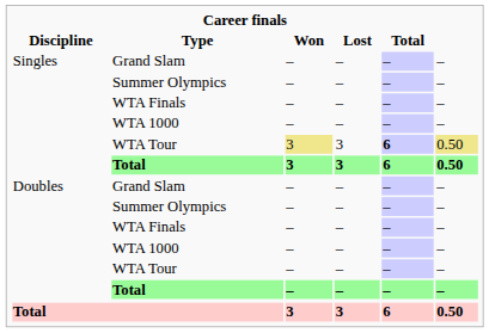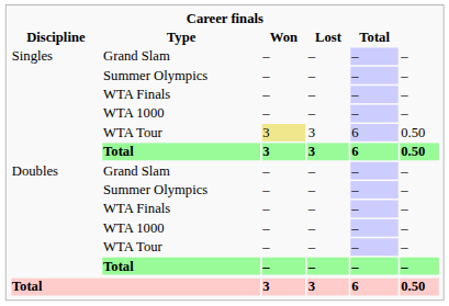 <table class="infobox vcard vevent nowrap" width="40%">
 <tr>
 <th colspan="6">Career finals</th>
 </tr>
 <tr>
 <th>Discipline</th>
 <th>Type</th>
 <th>Won</th>
 <th>Lost</th>
 <th>Total</th>
 <th></th>
 </tr>
 <tr>
 <td rowspan="6">Singles</td>
 <td>Grand Slam</td>
 <td>–</td>
 <td>–</td>
 <td bgcolor="CCCCFF">–</td>
 <td>–</td>
 </tr>
 <tr>
 <td>Summer Olympics</td>
 <td>–</td>
 <td>–</td>
 <td bgcolor="CCCCFF">–</td>
 <td>–</td>
 </tr>
 <tr>
 <td>WTA Finals</td>
 <td>–</td>
 <td>–</td>
 <td bgcolor="CCCCFF">–</td>
 <td>–</td>
 </tr>
 <tr>
 <td>WTA 1000</td>
 <td>–</td>
 <td>–</td>
 <td bgcolor="CCCCFF">–</td>
 <td>–</td>
 </tr>
 <tr>
 <td>WTA Tour</td>
 <td style="background: khaki;">3</td>
 <td>3</td>
-<td bgcolor="CCCCFF"><strong>6</strong></td>
-<td style="background: khaki;">0.50</td>
+<td bgcolor="CCCCFF">6</td>
+<td>0.50</td>
 </tr>
 <tr bgcolor="98FB98">
 <td><strong>Total</strong></td>
 <td><strong>3</strong></td>
 <td><strong>3</strong></td>
 <td><strong>6</strong></td>
 <td><strong>0.50</strong></td>
 </tr>
 <tr>
 <td rowspan="6">Doubles</td>
 <td>Grand Slam</td>
 <td>–</td>
 <td>–</td>
 <td bgcolor="CCCCFF">–</td>
 <td>–</td>
 </tr>
 <tr>
 <td>Summer Olympics</td>
 <td>–</td>
 <td>–</td>
 <td bgcolor="CCCCFF">–</td>
 <td>–</td>
 </tr>
 <tr>
 <td>WTA Finals</td>
 <td>–</td>
 <td>–</td>
 <td bgcolor="CCCCFF">–</td>
 <td>–</td>
 </tr>
 <tr>
 <td>WTA 1000</td>
 <td>–</td>
 <td>–</td>
 <td bgcolor="CCCCFF">–</td>
 <td>–</td>
 </tr>
 <tr>
 <td>WTA Tour</td>
 <td>–</td>
 <td>–</td>
 <td bgcolor="CCCCFF">–</td>
 <td>–</td>
 </tr>
 <tr bgcolor="98FB98">
 <td><strong>Total</strong></td>
 <td><strong>–</strong></td>
 <td><strong>–</strong></td>
 <td><strong>–</strong></td>
 <td><strong>–</strong></td>
 </tr>
 <tr>
 </tr>
 <tr bgcolor="FFCCCC">
 <td colspan="2"><strong>Total</strong></td>
 <td><strong>3</strong></td>
 <td><strong>3</strong></td>
 <td><strong>6</strong></td>
 <td><strong>0.50</strong></td>
 </tr>
 </table>
